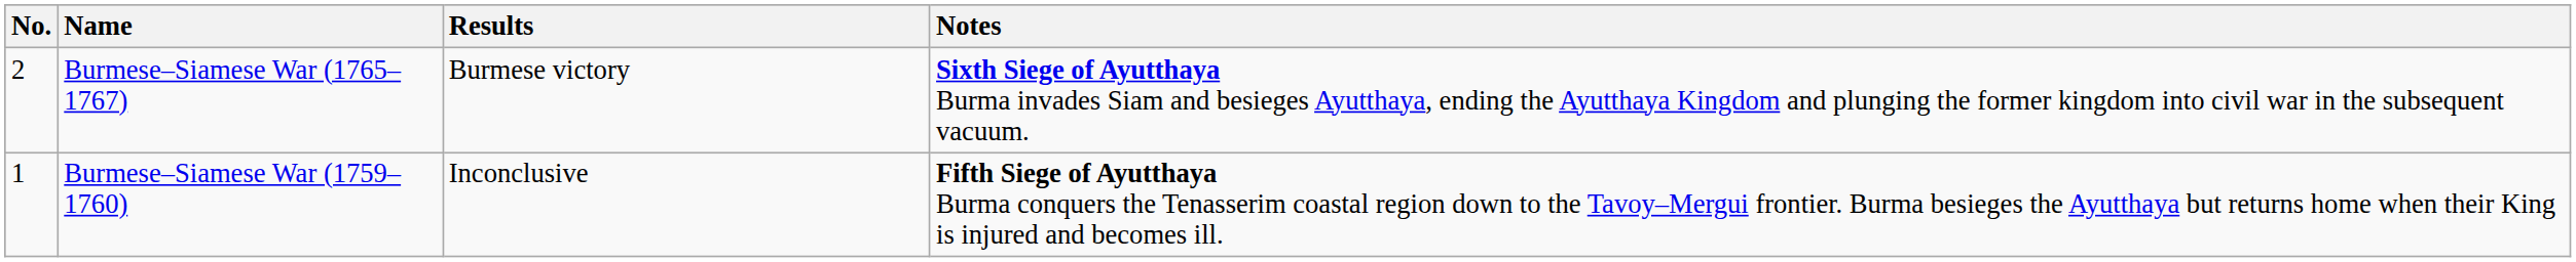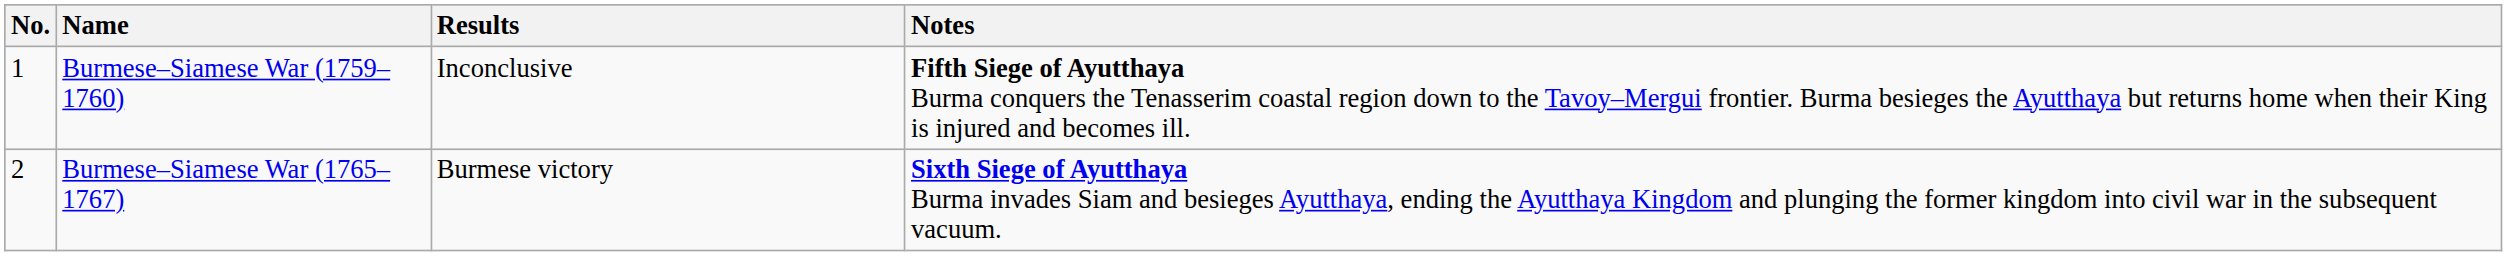 <table width=95% class="wikitable">
 <tr>
 <th style="text-align:left; width=1%">No.</th>
 <th width=15%; style="text-align:left">Name</th>
 <th width=19%; style="text-align:left;">Results</th>
 <th style="text-align:left; width=35%">Notes</th>
 </tr>
 <tr>
+<td style="vertical-align: top;">1</td>
+<td style="vertical-align: top;"><a href='#'>Burmese–Siamese War (1759–1760)</a></td>
+<td style="vertical-align: top;">Inconclusive</td>
+<td><strong>Fifth Siege of Ayutthaya</strong><br>Burma conquers the Tenasserim coastal region down to the <a href='#'>Tavoy–Mergui</a> frontier. Burma besieges the <a href='#'>Ayutthaya</a> but returns home when their King is injured and becomes ill.</td>
+</tr>
+<tr>
 <td style="vertical-align: top;">2</td>
 <td style="vertical-align: top;"><a href='#'>Burmese–Siamese War (1765–1767)</a></td>
 <td style="vertical-align: top;">Burmese victory</td>
 <td><strong><a href='#'>Sixth Siege of Ayutthaya</a></strong><br>Burma invades Siam and besieges <a href='#'>Ayutthaya</a>, ending the <a href='#'>Ayutthaya Kingdom</a> and plunging the former kingdom into civil war in the subsequent vacuum.</td>
 </tr>
-<tr>
-<td style="vertical-align: top;">1</td>
-<td style="vertical-align: top;"><a href='#'>Burmese–Siamese War (1759–1760)</a></td>
-<td style="vertical-align: top;">Inconclusive</td>
-<td><strong>Fifth Siege of Ayutthaya</strong><br>Burma conquers the Tenasserim coastal region down to the <a href='#'>Tavoy–Mergui</a> frontier. Burma besieges the <a href='#'>Ayutthaya</a> but returns home when their King is injured and becomes ill.</td>
-</tr>
 </table>
